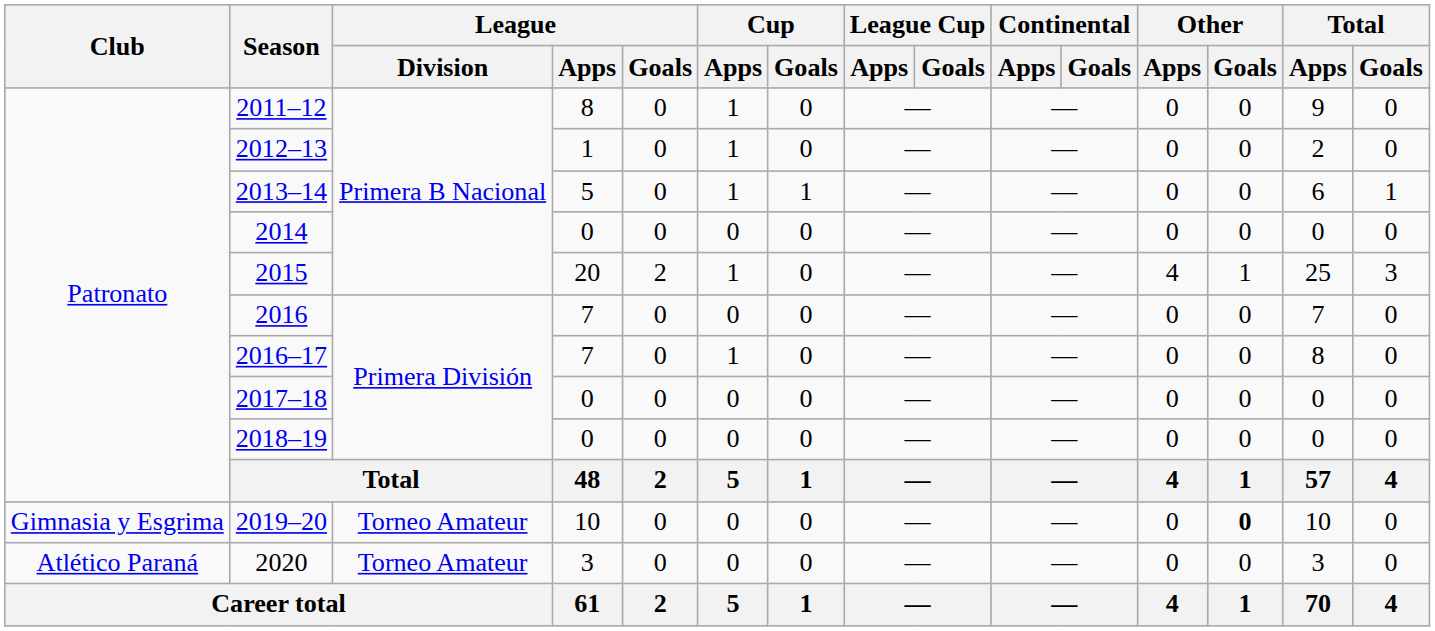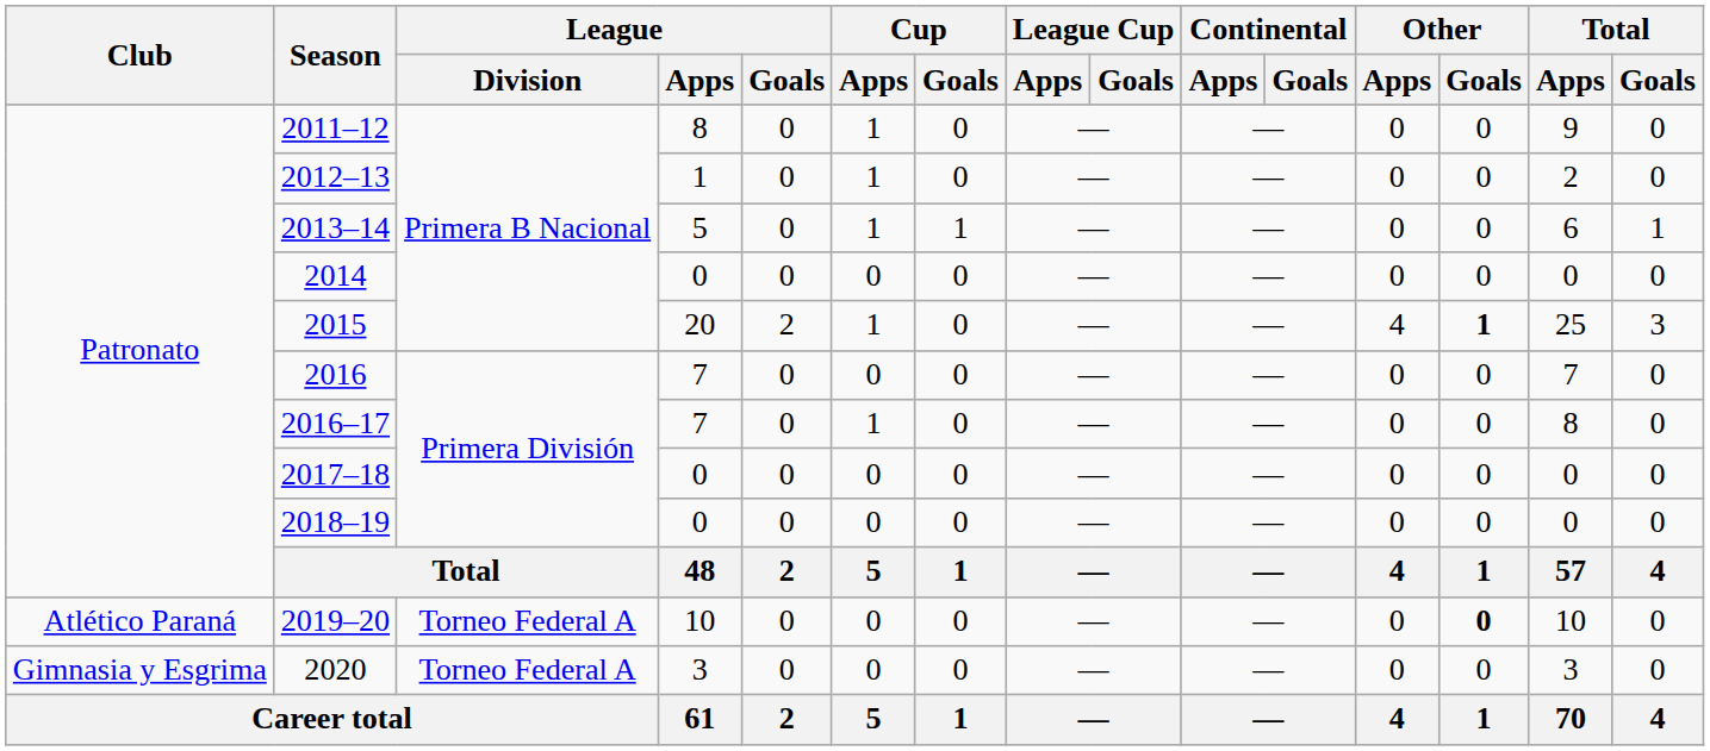 <table class="wikitable" style="text-align:center">
 <tr>
 <th rowspan="2">Club</th>
 <th rowspan="2">Season</th>
 <th colspan="3">League</th>
 <th colspan="2">Cup</th>
 <th colspan="2">League Cup</th>
 <th colspan="2">Continental</th>
 <th colspan="2">Other</th>
 <th colspan="2">Total</th>
 </tr>
 <tr>
 <th>Division</th>
 <th>Apps</th>
 <th>Goals</th>
 <th>Apps</th>
 <th>Goals</th>
 <th>Apps</th>
 <th>Goals</th>
 <th>Apps</th>
 <th>Goals</th>
 <th>Apps</th>
 <th>Goals</th>
 <th>Apps</th>
 <th>Goals</th>
 </tr>
 <tr>
 <td rowspan="10"><a href='#'>Patronato</a></td>
 <td><a href='#'>2011–12</a></td>
 <td rowspan="5"><a href='#'>Primera B Nacional</a></td>
 <td>8</td>
 <td>0</td>
 <td>1</td>
 <td>0</td>
 <td colspan="2">—</td>
 <td colspan="2">—</td>
 <td>0</td>
 <td>0</td>
 <td>9</td>
 <td>0</td>
 </tr>
 <tr>
 <td><a href='#'>2012–13</a></td>
 <td>1</td>
 <td>0</td>
 <td>1</td>
 <td>0</td>
 <td colspan="2">—</td>
 <td colspan="2">—</td>
 <td>0</td>
 <td>0</td>
 <td>2</td>
 <td>0</td>
 </tr>
 <tr>
 <td><a href='#'>2013–14</a></td>
 <td>5</td>
 <td>0</td>
 <td>1</td>
 <td>1</td>
 <td colspan="2">—</td>
 <td colspan="2">—</td>
 <td>0</td>
 <td>0</td>
 <td>6</td>
 <td>1</td>
 </tr>
 <tr>
 <td><a href='#'>2014</a></td>
 <td>0</td>
 <td>0</td>
 <td>0</td>
 <td>0</td>
 <td colspan="2">—</td>
 <td colspan="2">—</td>
 <td>0</td>
 <td>0</td>
 <td>0</td>
 <td>0</td>
 </tr>
 <tr>
 <td><a href='#'>2015</a></td>
 <td>20</td>
 <td>2</td>
 <td>1</td>
 <td>0</td>
 <td colspan="2">—</td>
 <td colspan="2">—</td>
 <td>4</td>
-<td>1</td>
+<td><strong>1</strong></td>
 <td>25</td>
 <td>3</td>
 </tr>
 <tr>
 <td><a href='#'>2016</a></td>
 <td rowspan="4"><a href='#'>Primera División</a></td>
 <td>7</td>
 <td>0</td>
 <td>0</td>
 <td>0</td>
 <td colspan="2">—</td>
 <td colspan="2">—</td>
 <td>0</td>
 <td>0</td>
 <td>7</td>
 <td>0</td>
 </tr>
 <tr>
 <td><a href='#'>2016–17</a></td>
 <td>7</td>
 <td>0</td>
 <td>1</td>
 <td>0</td>
 <td colspan="2">—</td>
 <td colspan="2">—</td>
 <td>0</td>
 <td>0</td>
 <td>8</td>
 <td>0</td>
 </tr>
 <tr>
 <td><a href='#'>2017–18</a></td>
 <td>0</td>
 <td>0</td>
 <td>0</td>
 <td>0</td>
 <td colspan="2">—</td>
 <td colspan="2">—</td>
 <td>0</td>
 <td>0</td>
 <td>0</td>
 <td>0</td>
 </tr>
 <tr>
 <td><a href='#'>2018–19</a></td>
 <td>0</td>
 <td>0</td>
 <td>0</td>
 <td>0</td>
 <td colspan="2">—</td>
 <td colspan="2">—</td>
 <td>0</td>
 <td>0</td>
 <td>0</td>
 <td>0</td>
 </tr>
 <tr>
 <th colspan="2">Total</th>
 <th>48</th>
 <th>2</th>
 <th>5</th>
 <th>1</th>
 <th colspan="2">—</th>
 <th colspan="2">—</th>
 <th>4</th>
 <th>1</th>
 <th>57</th>
 <th>4</th>
 </tr>
 <tr>
-<td rowspan="1"><a href='#'>Gimnasia y Esgrima</a></td>
+<td rowspan="1"><a href='#'>Atlético Paraná</a></td>
 <td><a href='#'>2019–20</a></td>
-<td rowspan="1"><a href='#'>Torneo Amateur</a></td>
+<td rowspan="1"><a href='#'>Torneo Federal A</a></td>
 <td>10</td>
 <td>0</td>
 <td>0</td>
 <td>0</td>
 <td colspan="2">—</td>
 <td colspan="2">—</td>
 <td>0</td>
 <td><strong>0</strong></td>
 <td>10</td>
 <td>0</td>
 </tr>
 <tr>
-<td rowspan="1"><a href='#'>Atlético Paraná</a></td>
+<td rowspan="1"><a href='#'>Gimnasia y Esgrima</a></td>
 <td>2020</td>
-<td rowspan="1"><a href='#'>Torneo Amateur</a></td>
+<td rowspan="1"><a href='#'>Torneo Federal A</a></td>
 <td>3</td>
 <td>0</td>
 <td>0</td>
 <td>0</td>
 <td colspan="2">—</td>
 <td colspan="2">—</td>
 <td>0</td>
 <td>0</td>
 <td>3</td>
 <td>0</td>
 </tr>
 <tr>
 <th colspan="3">Career total</th>
 <th>61</th>
 <th>2</th>
 <th>5</th>
 <th>1</th>
 <th colspan="2">—</th>
 <th colspan="2">—</th>
 <th>4</th>
 <th>1</th>
 <th>70</th>
 <th>4</th>
 </tr>
 </table>
